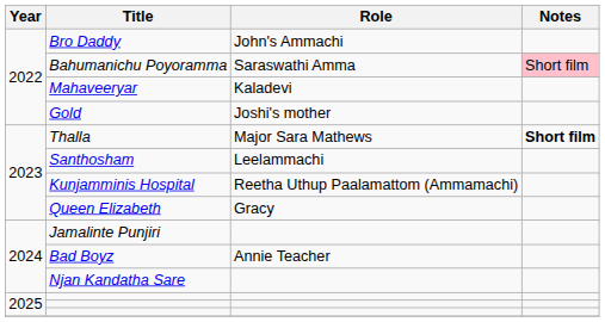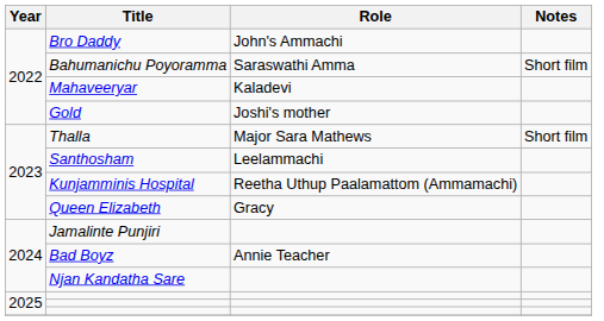 <table class="wikitable sortable">
 <tr>
 <th scope="col">Year</th>
 <th scope="col">Title</th>
 <th scope="col">Role</th>
 <th scope="col" class="unsortable">Notes</th>
 </tr>
 <tr>
 <td rowspan=4>2022</td>
 <td><em><a href='#'>Bro Daddy</a></em></td>
 <td>John's Ammachi</td>
 <td></td>
 </tr>
 <tr>
 <td><em>Bahumanichu Poyoramma</em></td>
 <td>Saraswathi Amma</td>
-<td style="background: pink;">Short film</td>
+<td>Short film</td>
 </tr>
 <tr>
 <td><em><a href='#'>Mahaveeryar</a></em></td>
 <td>Kaladevi</td>
 <td></td>
 </tr>
 <tr>
 <td><em><a href='#'>Gold</a></em></td>
 <td>Joshi's mother</td>
 <td></td>
 </tr>
 <tr>
 <td rowspan=4>2023</td>
 <td><em>Thalla</em></td>
 <td>Major Sara Mathews</td>
-<td><strong>Short film</strong></td>
+<td>Short film</td>
 </tr>
 <tr>
 <td><em><a href='#'>Santhosham</a></em></td>
 <td>Leelammachi</td>
 <td></td>
 </tr>
 <tr>
 <td><em><a href='#'>Kunjamminis Hospital</a></em></td>
 <td>Reetha Uthup Paalamattom (Ammamachi)</td>
 <td></td>
 </tr>
 <tr>
 <td><em><a href='#'>Queen Elizabeth</a></em></td>
 <td>Gracy</td>
 <td></td>
 </tr>
 <tr>
 <td rowspan=3>2024</td>
 <td><em>Jamalinte Punjiri</em></td>
 <td></td>
 <td></td>
 </tr>
 <tr>
 <td><em><a href='#'>Bad Boyz</a></em></td>
 <td>Annie Teacher</td>
 <td></td>
 </tr>
 <tr>
 <td><em><a href='#'>Njan Kandatha Sare</a></em></td>
 <td></td>
 <td></td>
 </tr>
 <tr>
 <td rowspan=3>2025</td>
 <td></td>
 <td></td>
 <td></td>
 </tr>
 <tr>
 <td></td>
 <td></td>
 <td></td>
 </tr>
 <tr>
 <td></td>
 <td></td>
 <td></td>
 </tr>
 <tr>
 </tr>
 </table>
